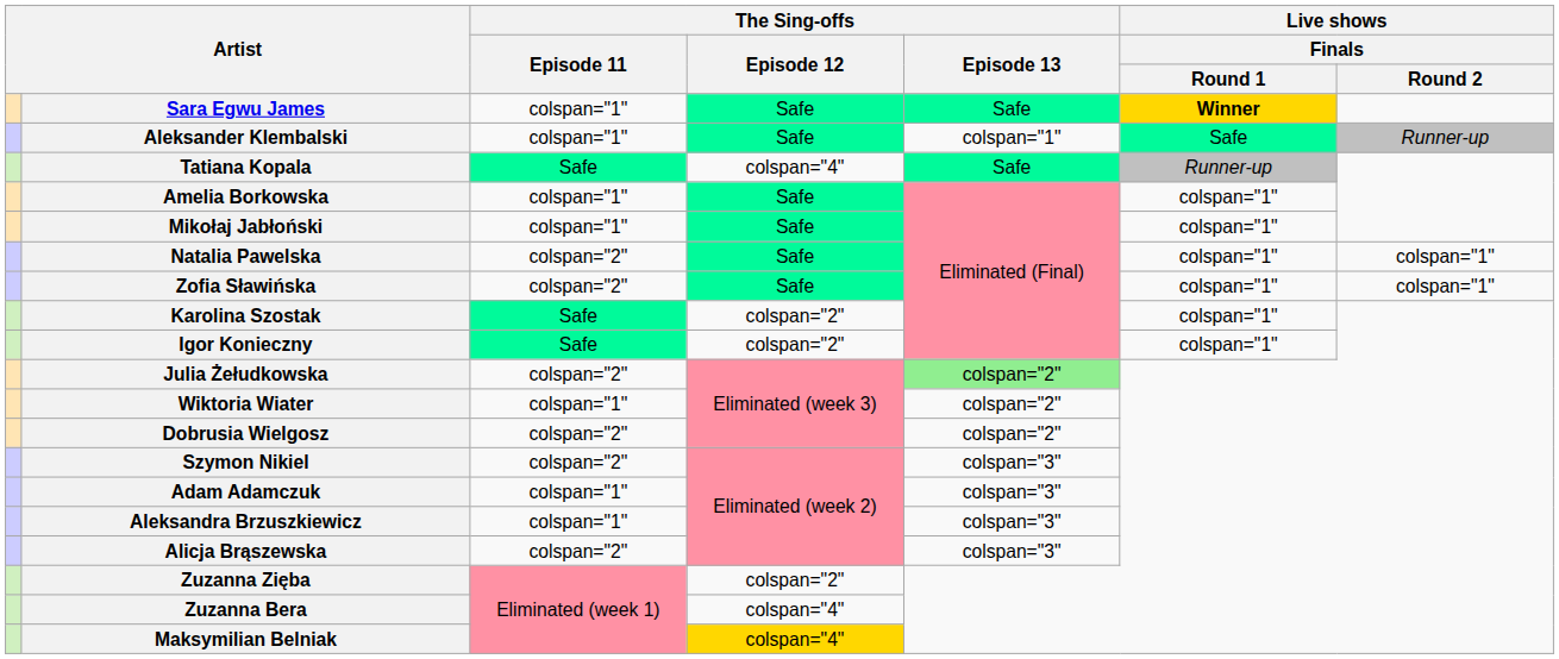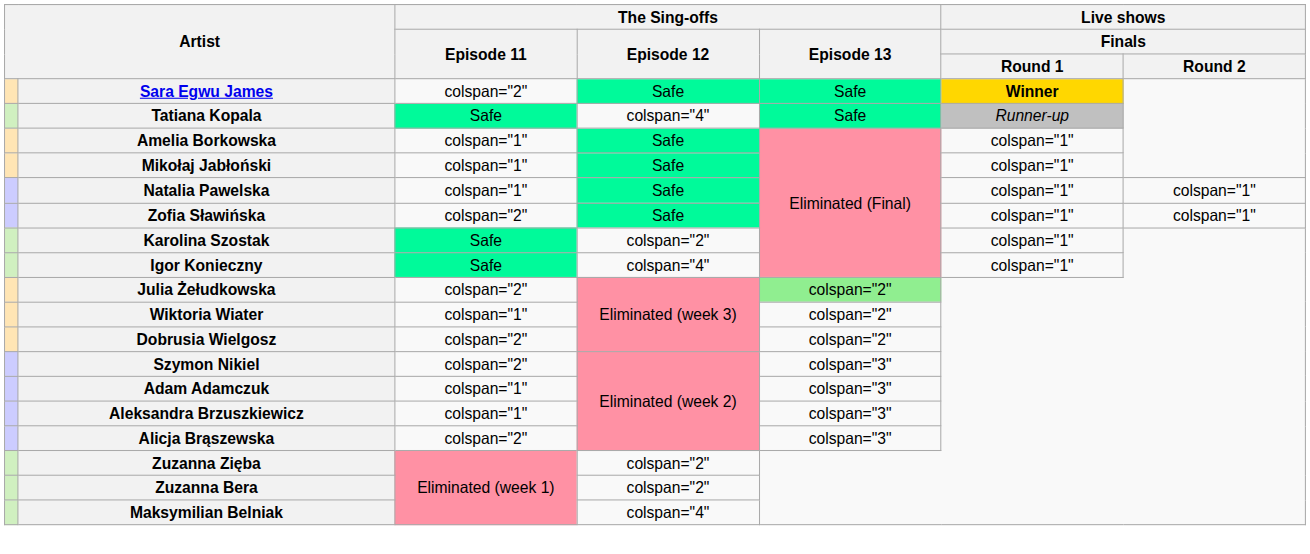 <table class="wikitable"  style="text-align:center; font-size:95%; width:100%;">
 <tr>
 </tr>
 <tr>
 <th rowspan="3" colspan="2">Artist</th>
 <th colspan="3" style="width:14%">The Sing-offs</th>
 <th colspan="2" style="width:14%">Live shows</th>
 </tr>
 <tr>
 <th rowspan="2" style="width:14%">Episode 11</th>
 <th rowspan="2" style="width:14%">Episode 12</th>
 <th rowspan="2" style="width:14%">Episode 13</th>
 <th colspan="2" style="width:14%">Finals</th>
 </tr>
 <tr>
 <th style="width:14%;">Round 1</th>
 <th style="width:14%;">Round 2</th>
 </tr>
 <tr>
 <th style="background:#ffe5b4;"></th>
 <th style="background:#;"><a href='#'>Sara Egwu James</a></th>
-<td>colspan="1" </td>
+<td>colspan="2" </td>
 <td style="background:#00FA9A;">Safe</td>
 <td style="background:#00FA9A;">Safe</td>
 <td style="background:gold;"><strong>Winner</strong></td>
-</tr>
-<tr>
-<th style="background:#ccf;"></th>
-<th style="background:#;">Aleksander Klembalski</th>
-<td>colspan="1" </td>
-<td style="background:#00FA9A;">Safe</td>
-<td>colspan="1" </td>
-<td style="background:#00FA9A;">Safe</td>
-<td style="background:silver;"><em>Runner-up</em></td>
 </tr>
 <tr>
 <th style="background:#d0f0c0;"></th>
 <th style="background:#;">Tatiana Kopala</th>
 <td style="background:#00FA9A;">Safe</td>
 <td>colspan="4" </td>
 <td style="background:#00FA9A;">Safe</td>
 <td style="background:silver;"><em>Runner-up</em></td>
 </tr>
 <tr>
 <th style="background:#ffe5b4;"></th>
 <th style="background:#;">Amelia Borkowska</th>
 <td>colspan="1" </td>
 <td style="background:#00FA9A;">Safe</td>
 <td rowspan="6" colspan="1" style="background:#FF91A4;">Eliminated (Final)</td>
 <td>colspan="1" </td>
 </tr>
 <tr>
 <th style="background:#ffe5b4;"></th>
 <th style="background:#;">Mikołaj Jabłoński</th>
 <td>colspan="1" </td>
 <td style="background:#00FA9A;">Safe</td>
 <td>colspan="1" </td>
 </tr>
 <tr>
 <th style="background:#ccf;"></th>
 <th style="background:#;">Natalia Pawelska</th>
-<td>colspan="2" </td>
+<td>colspan="1" </td>
 <td style="background:#00FA9A;">Safe</td>
 <td>colspan="1" </td>
 <td>colspan="1" </td>
 </tr>
 <tr>
 <th style="background:#ccf;"></th>
 <th style="background:#;">Zofia Sławińska</th>
 <td>colspan="2" </td>
 <td style="background:#00FA9A;">Safe</td>
 <td>colspan="1" </td>
 <td>colspan="1" </td>
 </tr>
 <tr>
 <th style="background:#d0f0c0;"></th>
 <th style="background:#;">Karolina Szostak</th>
 <td style="background:#00FA9A;">Safe</td>
 <td>colspan="2" </td>
 <td>colspan="1" </td>
 </tr>
 <tr>
 <th style="background:#d0f0c0;"></th>
 <th style="background:#;">Igor Konieczny</th>
 <td style="background:#00FA9A;">Safe</td>
-<td>colspan="2" </td>
+<td>colspan="4" </td>
 <td>colspan="1" </td>
 </tr>
 <tr>
 <th style="background:#ffe5b4;"></th>
 <th style="background:#;">Julia Żełudkowska</th>
 <td>colspan="2" </td>
 <td rowspan="3" colspan="1" style="background:#FF91A4;">Eliminated (week 3)</td>
 <td style="background: lightgreen;">colspan="2" </td>
 </tr>
 <tr>
 <th style="background:#ffe5b4;"></th>
 <th style="background:#;">Wiktoria Wiater</th>
 <td>colspan="1" </td>
 <td>colspan="2" </td>
 </tr>
 <tr>
 <th style="background:#ffe5b4;"></th>
 <th style="background:#;">Dobrusia Wielgosz</th>
 <td>colspan="2" </td>
 <td>colspan="2" </td>
 </tr>
 <tr>
 <th style="background:#ccf;"></th>
 <th style="background:#;">Szymon Nikiel</th>
 <td>colspan="2" </td>
 <td rowspan="4" colspan="1" style="background:#FF91A4;">Eliminated (week 2)</td>
 <td>colspan="3" </td>
 </tr>
 <tr>
 <th style="background:#ccf;"></th>
 <th style="background:#;">Adam Adamczuk</th>
 <td>colspan="1" </td>
 <td>colspan="3" </td>
 </tr>
 <tr>
 <th style="background:#ccf;"></th>
 <th style="background:#;">Aleksandra Brzuszkiewicz</th>
 <td>colspan="1" </td>
 <td>colspan="3" </td>
 </tr>
 <tr>
 <th style="background:#ccf;"></th>
 <th style="background:#;">Alicja Brąszewska</th>
 <td>colspan="2" </td>
 <td>colspan="3" </td>
 </tr>
 <tr>
 <th style="background:#d0f0c0;"></th>
 <th style="background:#;">Zuzanna Zięba</th>
 <td rowspan="3" colspan="1" style="background:#FF91A4;">Eliminated (week 1)</td>
 <td>colspan="2" </td>
 </tr>
 <tr>
 <th style="background:#d0f0c0;"></th>
 <th style="background:#;">Zuzanna Bera</th>
-<td>colspan="4" </td>
+<td>colspan="2" </td>
 </tr>
 <tr>
 <th style="background:#d0f0c0;"></th>
 <th style="background:#;">Maksymilian Belniak</th>
-<td style="background: gold;">colspan="4" </td>
+<td>colspan="4" </td>
 </tr>
 </table>
